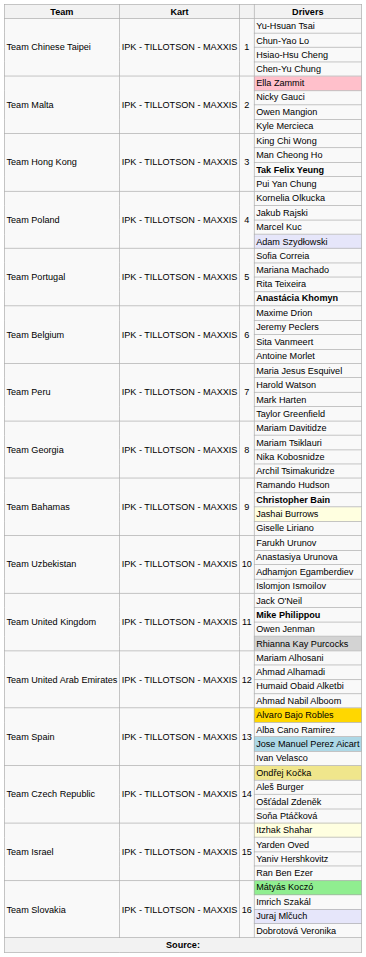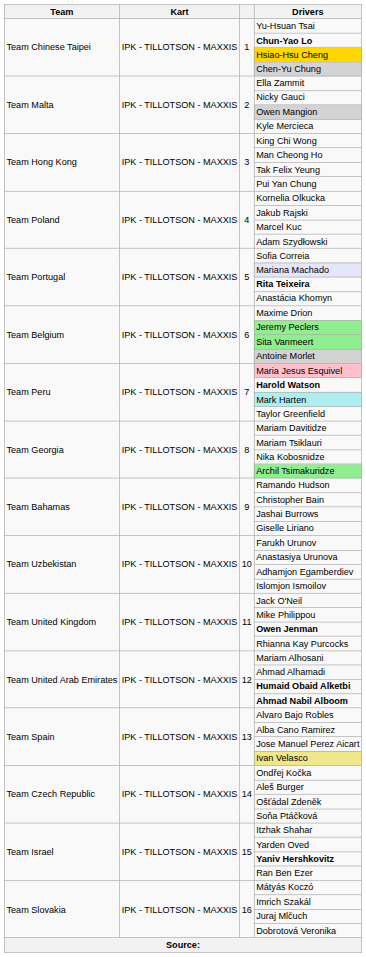 <table class="wikitable" style="font-size: 85%;">
 <tr>
 <th>Team</th>
 <th>Kart</th>
 <th></th>
 <th>Drivers</th>
 </tr>
 <tr>
 <td rowspan="4"> Team Chinese Taipei</td>
 <td rowspan="4">IPK - TILLOTSON - MAXXIS</td>
 <td rowspan="4" align="center">1</td>
 <td>Yu-Hsuan Tsai</td>
 </tr>
 <tr>
-<td>Chun-Yao Lo</td>
+<td><strong>Chun-Yao Lo</strong></td>
 </tr>
 <tr>
-<td>Hsiao-Hsu Cheng</td>
+<td style="background: gold;">Hsiao-Hsu Cheng</td>
 </tr>
 <tr>
-<td>Chen-Yu Chung</td>
+<td style="background: lightgrey;">Chen-Yu Chung</td>
 </tr>
 <tr>
 <td rowspan="4"> Team Malta</td>
 <td rowspan="4">IPK - TILLOTSON - MAXXIS</td>
 <td rowspan="4" align="center">2</td>
-<td style="background: pink;">Ella Zammit</td>
+<td>Ella Zammit</td>
 </tr>
 <tr>
 <td>Nicky Gauci</td>
 </tr>
 <tr>
-<td>Owen Mangion</td>
+<td style="background: lightgrey;">Owen Mangion</td>
 </tr>
 <tr>
 <td>Kyle Mercieca</td>
 </tr>
 <tr>
 <td rowspan="4"> Team Hong Kong</td>
 <td rowspan="4">IPK - TILLOTSON - MAXXIS</td>
 <td rowspan="4" align="center">3</td>
 <td>King Chi Wong</td>
 </tr>
 <tr>
 <td>Man Cheong Ho</td>
 </tr>
 <tr>
-<td><strong>Tak Felix Yeung</strong></td>
+<td>Tak Felix Yeung</td>
 </tr>
 <tr>
 <td>Pui Yan Chung</td>
 </tr>
 <tr>
 <td rowspan="4"> Team Poland</td>
 <td rowspan="4">IPK - TILLOTSON - MAXXIS</td>
 <td rowspan="4" align="center">4</td>
 <td>Kornelia Olkucka</td>
 </tr>
 <tr>
 <td>Jakub Rajski</td>
 </tr>
 <tr>
 <td>Marcel Kuc</td>
 </tr>
 <tr>
-<td style="background: lavender;">Adam Szydłowski</td>
+<td>Adam Szydłowski</td>
 </tr>
 <tr>
 <td rowspan="4"> Team Portugal</td>
 <td rowspan="4">IPK - TILLOTSON - MAXXIS</td>
 <td rowspan="4" align="center">5</td>
 <td>Sofia Correia</td>
 </tr>
 <tr>
-<td>Mariana Machado</td>
+<td style="background: lavender;">Mariana Machado</td>
 </tr>
 <tr>
-<td>Rita Teixeira</td>
+<td><strong>Rita Teixeira</strong></td>
 </tr>
 <tr>
-<td><strong>Anastácia Khomyn</strong></td>
+<td>Anastácia Khomyn</td>
 </tr>
 <tr>
 <td rowspan="4"> Team Belgium</td>
 <td rowspan="4">IPK - TILLOTSON - MAXXIS</td>
 <td rowspan="4" align="center">6</td>
 <td>Maxime Drion</td>
 </tr>
 <tr>
-<td>Jeremy Peclers</td>
+<td style="background: lightgreen;">Jeremy Peclers</td>
 </tr>
 <tr>
-<td>Sita Vanmeert</td>
+<td style="background: lightgreen;">Sita Vanmeert</td>
 </tr>
 <tr>
-<td>Antoine Morlet</td>
+<td style="background: lightgrey;">Antoine Morlet</td>
 </tr>
 <tr>
 <td rowspan="4"> Team Peru</td>
 <td rowspan="4">IPK - TILLOTSON - MAXXIS</td>
 <td rowspan="4" align="center">7</td>
-<td>Maria Jesus Esquivel</td>
+<td style="background: pink;">Maria Jesus Esquivel</td>
 </tr>
 <tr>
-<td>Harold Watson</td>
+<td><strong>Harold Watson</strong></td>
 </tr>
 <tr>
-<td>Mark Harten</td>
+<td style="background: paleturquoise;">Mark Harten</td>
 </tr>
 <tr>
 <td>Taylor Greenfield</td>
 </tr>
 <tr>
 <td rowspan="4"> Team Georgia</td>
 <td rowspan="4">IPK - TILLOTSON - MAXXIS</td>
 <td rowspan="4" align="center">8</td>
 <td>Mariam Davitidze</td>
 </tr>
 <tr>
 <td>Mariam Tsiklauri</td>
 </tr>
 <tr>
 <td>Nika Kobosnidze</td>
 </tr>
 <tr>
-<td>Archil Tsimakuridze</td>
+<td style="background: lightgreen;">Archil Tsimakuridze</td>
 </tr>
 <tr>
 <td rowspan="4"> Team Bahamas</td>
 <td rowspan="4">IPK - TILLOTSON - MAXXIS</td>
 <td rowspan="4" align="center">9</td>
 <td>Ramando Hudson</td>
 </tr>
 <tr>
-<td><strong>Christopher Bain</strong></td>
+<td>Christopher Bain</td>
 </tr>
 <tr>
-<td style="background: lightyellow;">Jashai Burrows</td>
+<td>Jashai Burrows</td>
 </tr>
 <tr>
 <td>Giselle Liriano</td>
 </tr>
 <tr>
 <td rowspan="4"> Team Uzbekistan</td>
 <td rowspan="4">IPK - TILLOTSON - MAXXIS</td>
 <td rowspan="4" align="center">10</td>
 <td>Farukh Urunov</td>
 </tr>
 <tr>
 <td>Anastasiya Urunova</td>
 </tr>
 <tr>
 <td>Adhamjon Egamberdiev</td>
 </tr>
 <tr>
 <td>Islomjon Ismoilov</td>
 </tr>
 <tr>
 <td rowspan="4"> Team United Kingdom</td>
 <td rowspan="4">IPK - TILLOTSON - MAXXIS</td>
 <td rowspan="4" align="center">11</td>
 <td>Jack O'Neil</td>
 </tr>
 <tr>
-<td><strong>Mike Philippou</strong></td>
+<td>Mike Philippou</td>
 </tr>
 <tr>
-<td>Owen Jenman</td>
+<td><strong>Owen Jenman</strong></td>
 </tr>
 <tr>
-<td style="background: lightgrey;">Rhianna Kay Purcocks</td>
+<td>Rhianna Kay Purcocks</td>
 </tr>
 <tr>
 <td rowspan="4"> Team United Arab Emirates</td>
 <td rowspan="4">IPK - TILLOTSON - MAXXIS</td>
 <td rowspan="4" align="center">12</td>
 <td>Mariam Alhosani</td>
 </tr>
 <tr>
 <td>Ahmad Alhamadi</td>
 </tr>
 <tr>
-<td>Humaid Obaid Alketbi</td>
+<td><strong>Humaid Obaid Alketbi</strong></td>
 </tr>
 <tr>
-<td>Ahmad Nabil Alboom</td>
+<td><strong>Ahmad Nabil Alboom</strong></td>
 </tr>
 <tr>
 <td rowspan="4"> Team Spain</td>
 <td rowspan="4">IPK - TILLOTSON - MAXXIS</td>
 <td rowspan="4" align="center">13</td>
-<td style="background: gold;">Alvaro Bajo Robles</td>
+<td>Alvaro Bajo Robles</td>
 </tr>
 <tr>
 <td>Alba Cano Ramirez</td>
 </tr>
 <tr>
-<td style="background: lightblue;">Jose Manuel Perez Aicart</td>
+<td>Jose Manuel Perez Aicart</td>
 </tr>
 <tr>
-<td>Ivan Velasco</td>
+<td style="background: khaki;">Ivan Velasco</td>
 </tr>
 <tr>
 <td rowspan="4"> Team Czech Republic</td>
 <td rowspan="4">IPK - TILLOTSON - MAXXIS</td>
 <td rowspan="4" align="center">14</td>
-<td style="background: khaki;">Ondřej Kočka</td>
+<td>Ondřej Kočka</td>
 </tr>
 <tr>
 <td>Aleš Burger</td>
 </tr>
 <tr>
 <td>Ošťádal Zdeněk</td>
 </tr>
 <tr>
 <td>Soňa Ptáčková</td>
 </tr>
 <tr>
 <td rowspan="4"> Team Israel</td>
 <td rowspan="4">IPK - TILLOTSON - MAXXIS</td>
 <td rowspan="4" align="center">15</td>
-<td style="background: lightyellow;">Itzhak Shahar</td>
+<td>Itzhak Shahar</td>
 </tr>
 <tr>
 <td>Yarden Oved</td>
 </tr>
 <tr>
-<td>Yaniv Hershkovitz</td>
+<td><strong>Yaniv Hershkovitz</strong></td>
 </tr>
 <tr>
 <td>Ran Ben Ezer</td>
 </tr>
 <tr>
 <td rowspan="4"> Team Slovakia</td>
 <td rowspan="4">IPK - TILLOTSON - MAXXIS</td>
 <td rowspan="4" align="center">16</td>
-<td style="background: lightgreen;">Mátyás Koczó</td>
+<td>Mátyás Koczó</td>
 </tr>
 <tr>
 <td>Imrich Szakál</td>
 </tr>
 <tr>
-<td style="background: lavender;">Juraj Mlčuch</td>
+<td>Juraj Mlčuch</td>
 </tr>
 <tr>
 <td>Dobrotová Veronika</td>
 </tr>
 <tr>
 <th colspan=4>Source: </th>
 </tr>
 </table>
